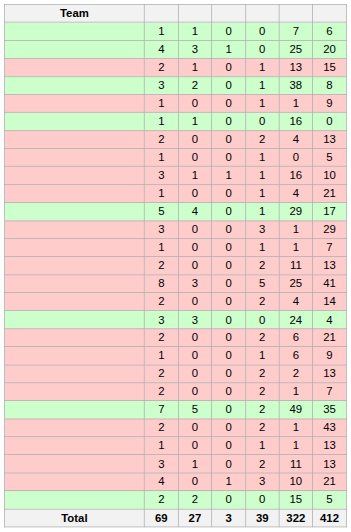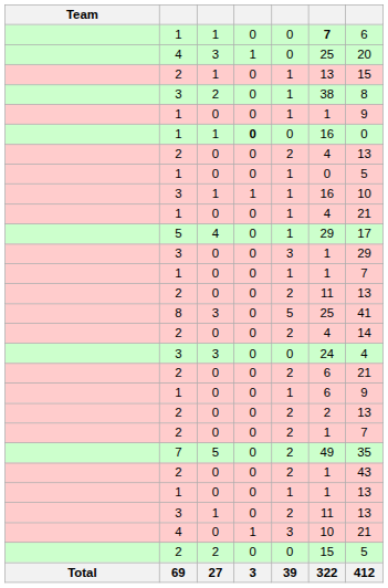 <table class="wikitable" style="text-align:center;">
 <tr>
 <th width=190>Team</th>
 <th width=40></th>
 <th width=40></th>
 <th width=40></th>
 <th width=40></th>
 <th width=40></th>
 <th width=40></th>
 </tr>
 <tr bgcolor=#CCFFCC>
 <td style="text-align:left;"></td>
 <td>1</td>
 <td>1</td>
 <td>0</td>
 <td>0</td>
-<td>7</td>
+<td><strong>7</strong></td>
 <td>6</td>
 </tr>
 <tr bgcolor=#CCFFCC>
 <td style="text-align:left;"></td>
 <td>4</td>
 <td>3</td>
 <td>1</td>
 <td>0</td>
 <td>25</td>
 <td>20</td>
 </tr>
 <tr bgcolor=#FFCCCC>
 <td style="text-align:left;"></td>
 <td>2</td>
 <td>1</td>
 <td>0</td>
 <td>1</td>
 <td>13</td>
 <td>15</td>
 </tr>
 <tr bgcolor=#CCFFCC>
 <td style="text-align:left;"></td>
 <td>3</td>
 <td>2</td>
 <td>0</td>
 <td>1</td>
 <td>38</td>
 <td>8</td>
 </tr>
 <tr bgcolor=#FFCCCC>
 <td style="text-align:left;"></td>
 <td>1</td>
 <td>0</td>
 <td>0</td>
 <td>1</td>
 <td>1</td>
 <td>9</td>
 </tr>
 <tr bgcolor=#CCFFCC>
 <td style="text-align:left;"></td>
 <td>1</td>
 <td>1</td>
-<td>0</td>
+<td><strong>0</strong></td>
 <td>0</td>
 <td>16</td>
 <td>0</td>
 </tr>
 <tr bgcolor=#FFCCCC>
 <td style="text-align:left;"></td>
 <td>2</td>
 <td>0</td>
 <td>0</td>
 <td>2</td>
 <td>4</td>
 <td>13</td>
 </tr>
 <tr bgcolor=#FFCCCC>
 <td style="text-align:left;"></td>
 <td>1</td>
 <td>0</td>
 <td>0</td>
 <td>1</td>
 <td>0</td>
 <td>5</td>
 </tr>
 <tr bgcolor=#FFCCCC>
 <td style="text-align:left;"></td>
 <td>3</td>
 <td>1</td>
 <td>1</td>
 <td>1</td>
 <td>16</td>
 <td>10</td>
 </tr>
 <tr bgcolor=#FFCCCC>
 <td style="text-align:left;"></td>
 <td>1</td>
 <td>0</td>
 <td>0</td>
 <td>1</td>
 <td>4</td>
 <td>21</td>
 </tr>
 <tr bgcolor=#CCFFCC>
 <td style="text-align:left;"></td>
 <td>5</td>
 <td>4</td>
 <td>0</td>
 <td>1</td>
 <td>29</td>
 <td>17</td>
 </tr>
 <tr bgcolor=#FFCCCC>
 <td style="text-align:left;"></td>
 <td>3</td>
 <td>0</td>
 <td>0</td>
 <td>3</td>
 <td>1</td>
 <td>29</td>
 </tr>
 <tr bgcolor=#FFCCCC>
 <td style="text-align:left;"></td>
 <td>1</td>
 <td>0</td>
 <td>0</td>
 <td>1</td>
 <td>1</td>
 <td>7</td>
 </tr>
 <tr bgcolor=#FFCCCC>
 <td style="text-align:left;"></td>
 <td>2</td>
 <td>0</td>
 <td>0</td>
 <td>2</td>
 <td>11</td>
 <td>13</td>
 </tr>
 <tr bgcolor=#FFCCCC>
 <td style="text-align:left;"></td>
 <td>8</td>
 <td>3</td>
 <td>0</td>
 <td>5</td>
 <td>25</td>
 <td>41</td>
 </tr>
 <tr bgcolor=#FFCCCC>
 <td style="text-align:left;"></td>
 <td>2</td>
 <td>0</td>
 <td>0</td>
 <td>2</td>
 <td>4</td>
 <td>14</td>
 </tr>
 <tr bgcolor=#CCFFCC>
 <td style="text-align:left;"></td>
 <td>3</td>
 <td>3</td>
 <td>0</td>
 <td>0</td>
 <td>24</td>
 <td>4</td>
 </tr>
 <tr bgcolor=#FFCCCC>
 <td style="text-align:left;"></td>
 <td>2</td>
 <td>0</td>
 <td>0</td>
 <td>2</td>
 <td>6</td>
 <td>21</td>
 </tr>
 <tr bgcolor=#FFCCCC>
 <td style="text-align:left;"></td>
 <td>1</td>
 <td>0</td>
 <td>0</td>
 <td>1</td>
 <td>6</td>
 <td>9</td>
 </tr>
 <tr bgcolor=#FFCCCC>
 <td style="text-align:left;"></td>
 <td>2</td>
 <td>0</td>
 <td>0</td>
 <td>2</td>
 <td>2</td>
 <td>13</td>
 </tr>
 <tr bgcolor=#FFCCCC>
 <td style="text-align:left;"></td>
 <td>2</td>
 <td>0</td>
 <td>0</td>
 <td>2</td>
 <td>1</td>
 <td>7</td>
 </tr>
 <tr bgcolor=#CCFFCC>
 <td style="text-align:left;"></td>
 <td>7</td>
 <td>5</td>
 <td>0</td>
 <td>2</td>
 <td>49</td>
 <td>35</td>
 </tr>
 <tr bgcolor=#FFCCCC>
 <td style="text-align:left;"></td>
 <td>2</td>
 <td>0</td>
 <td>0</td>
 <td>2</td>
 <td>1</td>
 <td>43</td>
 </tr>
 <tr bgcolor=#FFCCCC>
 <td style="text-align:left;"></td>
 <td>1</td>
 <td>0</td>
 <td>0</td>
 <td>1</td>
 <td>1</td>
 <td>13</td>
 </tr>
 <tr bgcolor=#FFCCCC>
 <td style="text-align:left;"></td>
 <td>3</td>
 <td>1</td>
 <td>0</td>
 <td>2</td>
 <td>11</td>
 <td>13</td>
 </tr>
 <tr bgcolor=#FFCCCC>
 <td style="text-align:left;"></td>
 <td>4</td>
 <td>0</td>
 <td>1</td>
 <td>3</td>
 <td>10</td>
 <td>21</td>
 </tr>
 <tr bgcolor=#CCFFCC>
 <td style="text-align:left;"></td>
 <td>2</td>
 <td>2</td>
 <td>0</td>
 <td>0</td>
 <td>15</td>
 <td>5</td>
 </tr>
 <tr>
 <th>Total</th>
 <th>69</th>
 <th>27</th>
 <th>3</th>
 <th>39</th>
 <th>322</th>
 <th>412</th>
 </tr>
 </table>
